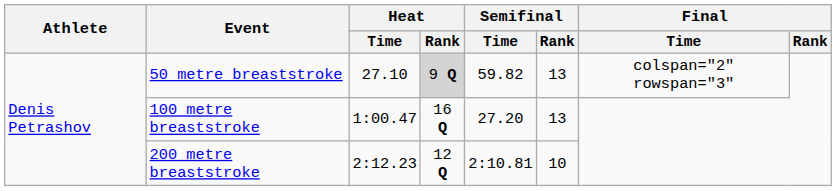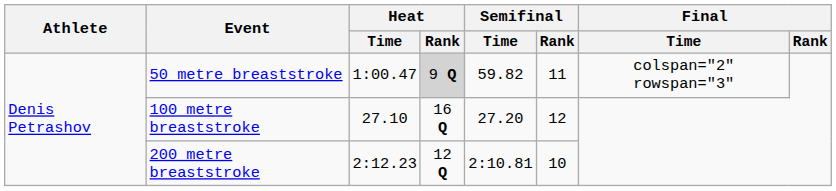 <table class="wikitable" style="text-align:center; font-size:90%; width:50%;">
 <tr>
 <th rowspan="2">Athlete</th>
 <th rowspan="2">Event</th>
 <th colspan="2">Heat</th>
 <th colspan="2">Semifinal</th>
 <th colspan="2">Final</th>
 </tr>
 <tr style="font-size:95%">
 <th>Time</th>
 <th>Rank</th>
 <th>Time</th>
 <th>Rank</th>
 <th>Time</th>
 <th>Rank</th>
 </tr>
 <tr align=center>
 <td align=left rowspan="3"><a href='#'>Denis Petrashov</a></td>
 <td align=left><a href='#'>50 metre breaststroke</a></td>
-<td>27.10</td>
+<td>1:00.47</td>
 <td style="background: lightgrey;">9 <strong>Q</strong></td>
 <td>59.82</td>
-<td>13</td>
+<td>11</td>
 <td>colspan="2" rowspan="3"</td>
 </tr>
 <tr align=center>
 <td align=left><a href='#'>100 metre breaststroke</a></td>
-<td>1:00.47</td>
+<td>27.10</td>
 <td>16 <strong>Q</strong></td>
 <td>27.20</td>
-<td>13</td>
+<td>12</td>
 </tr>
 <tr align=center>
 <td align=left><a href='#'>200 metre breaststroke</a></td>
 <td>2:12.23</td>
 <td>12 <strong>Q</strong></td>
 <td>2:10.81</td>
 <td>10</td>
 </tr>
 </table>
